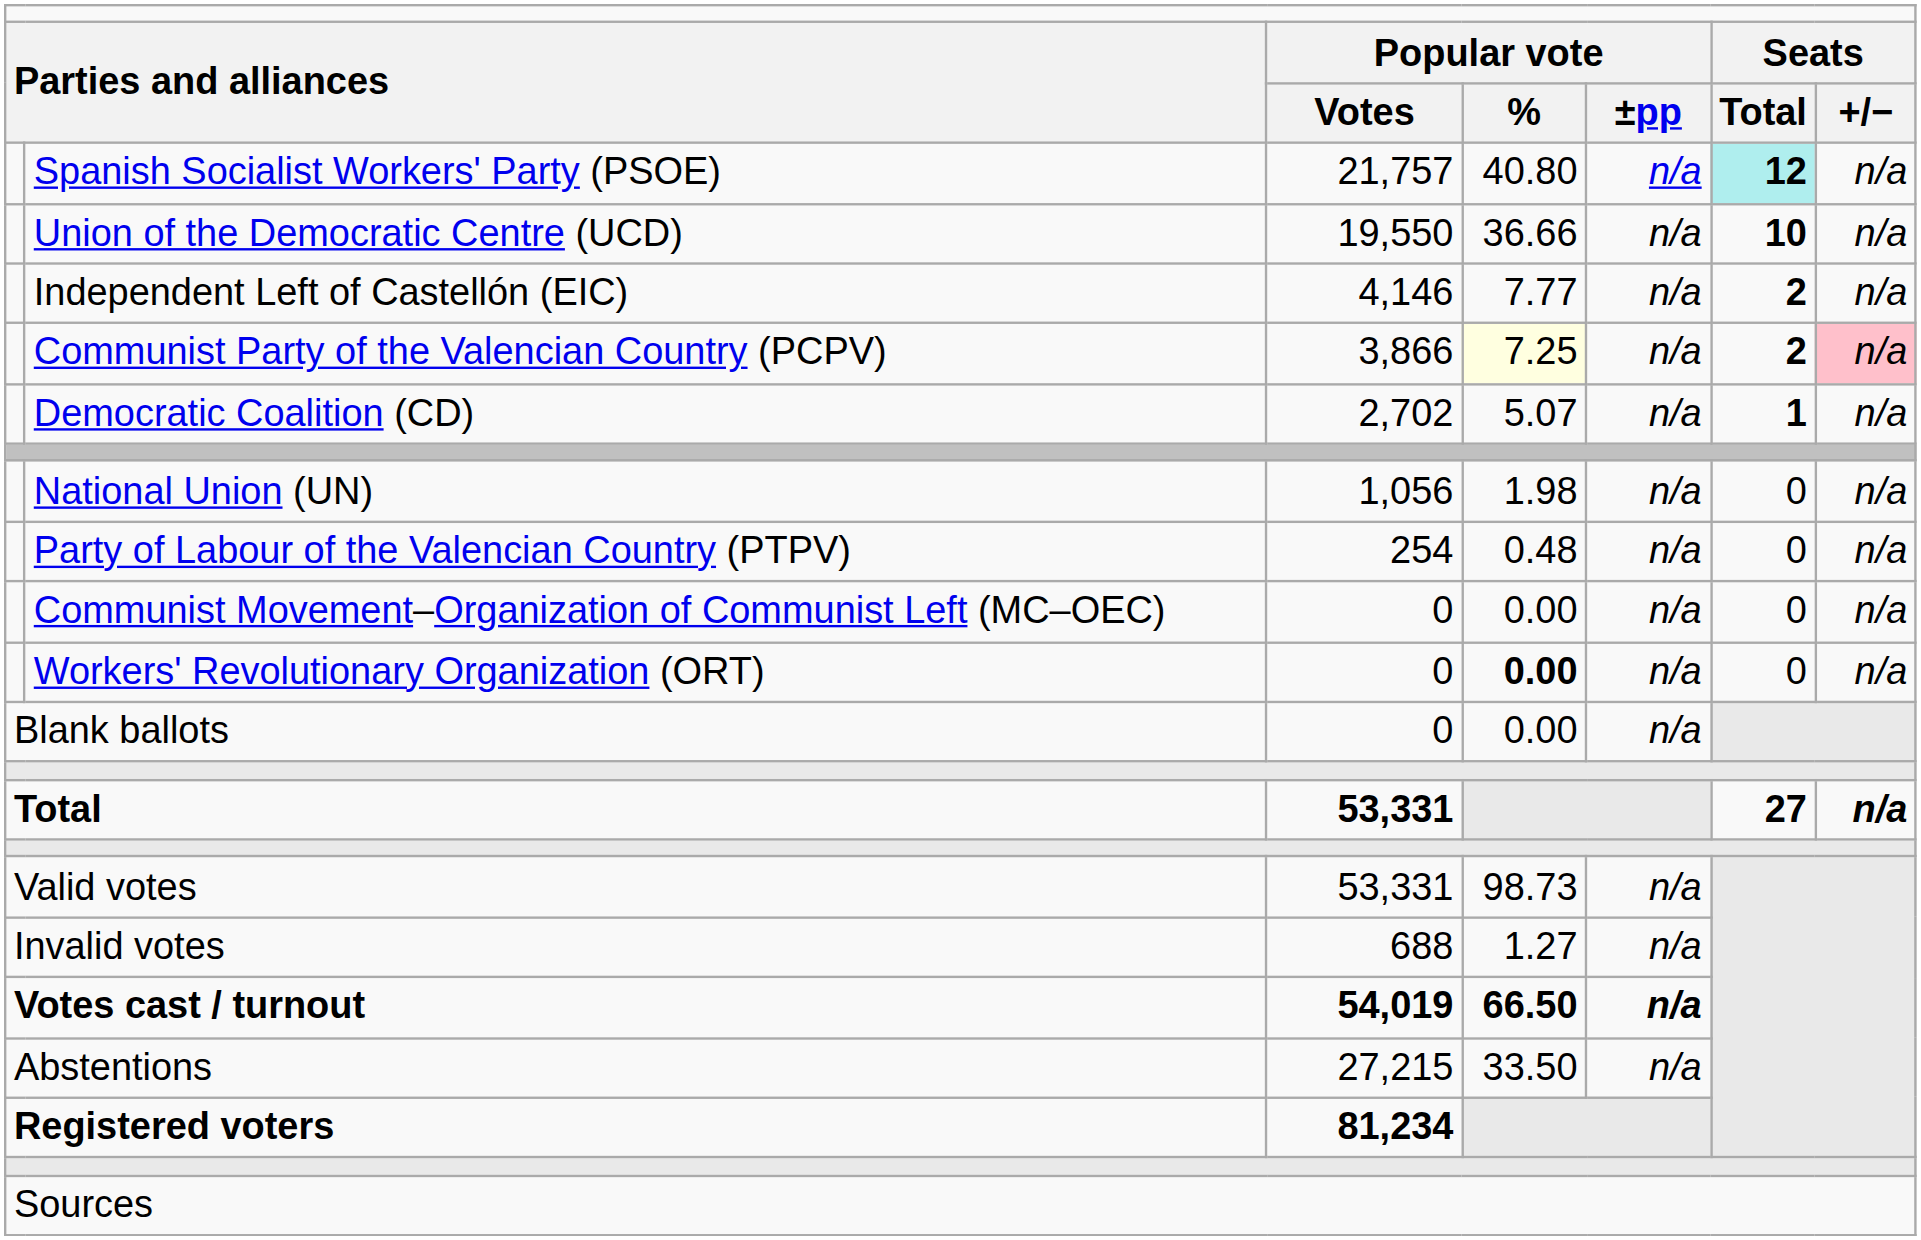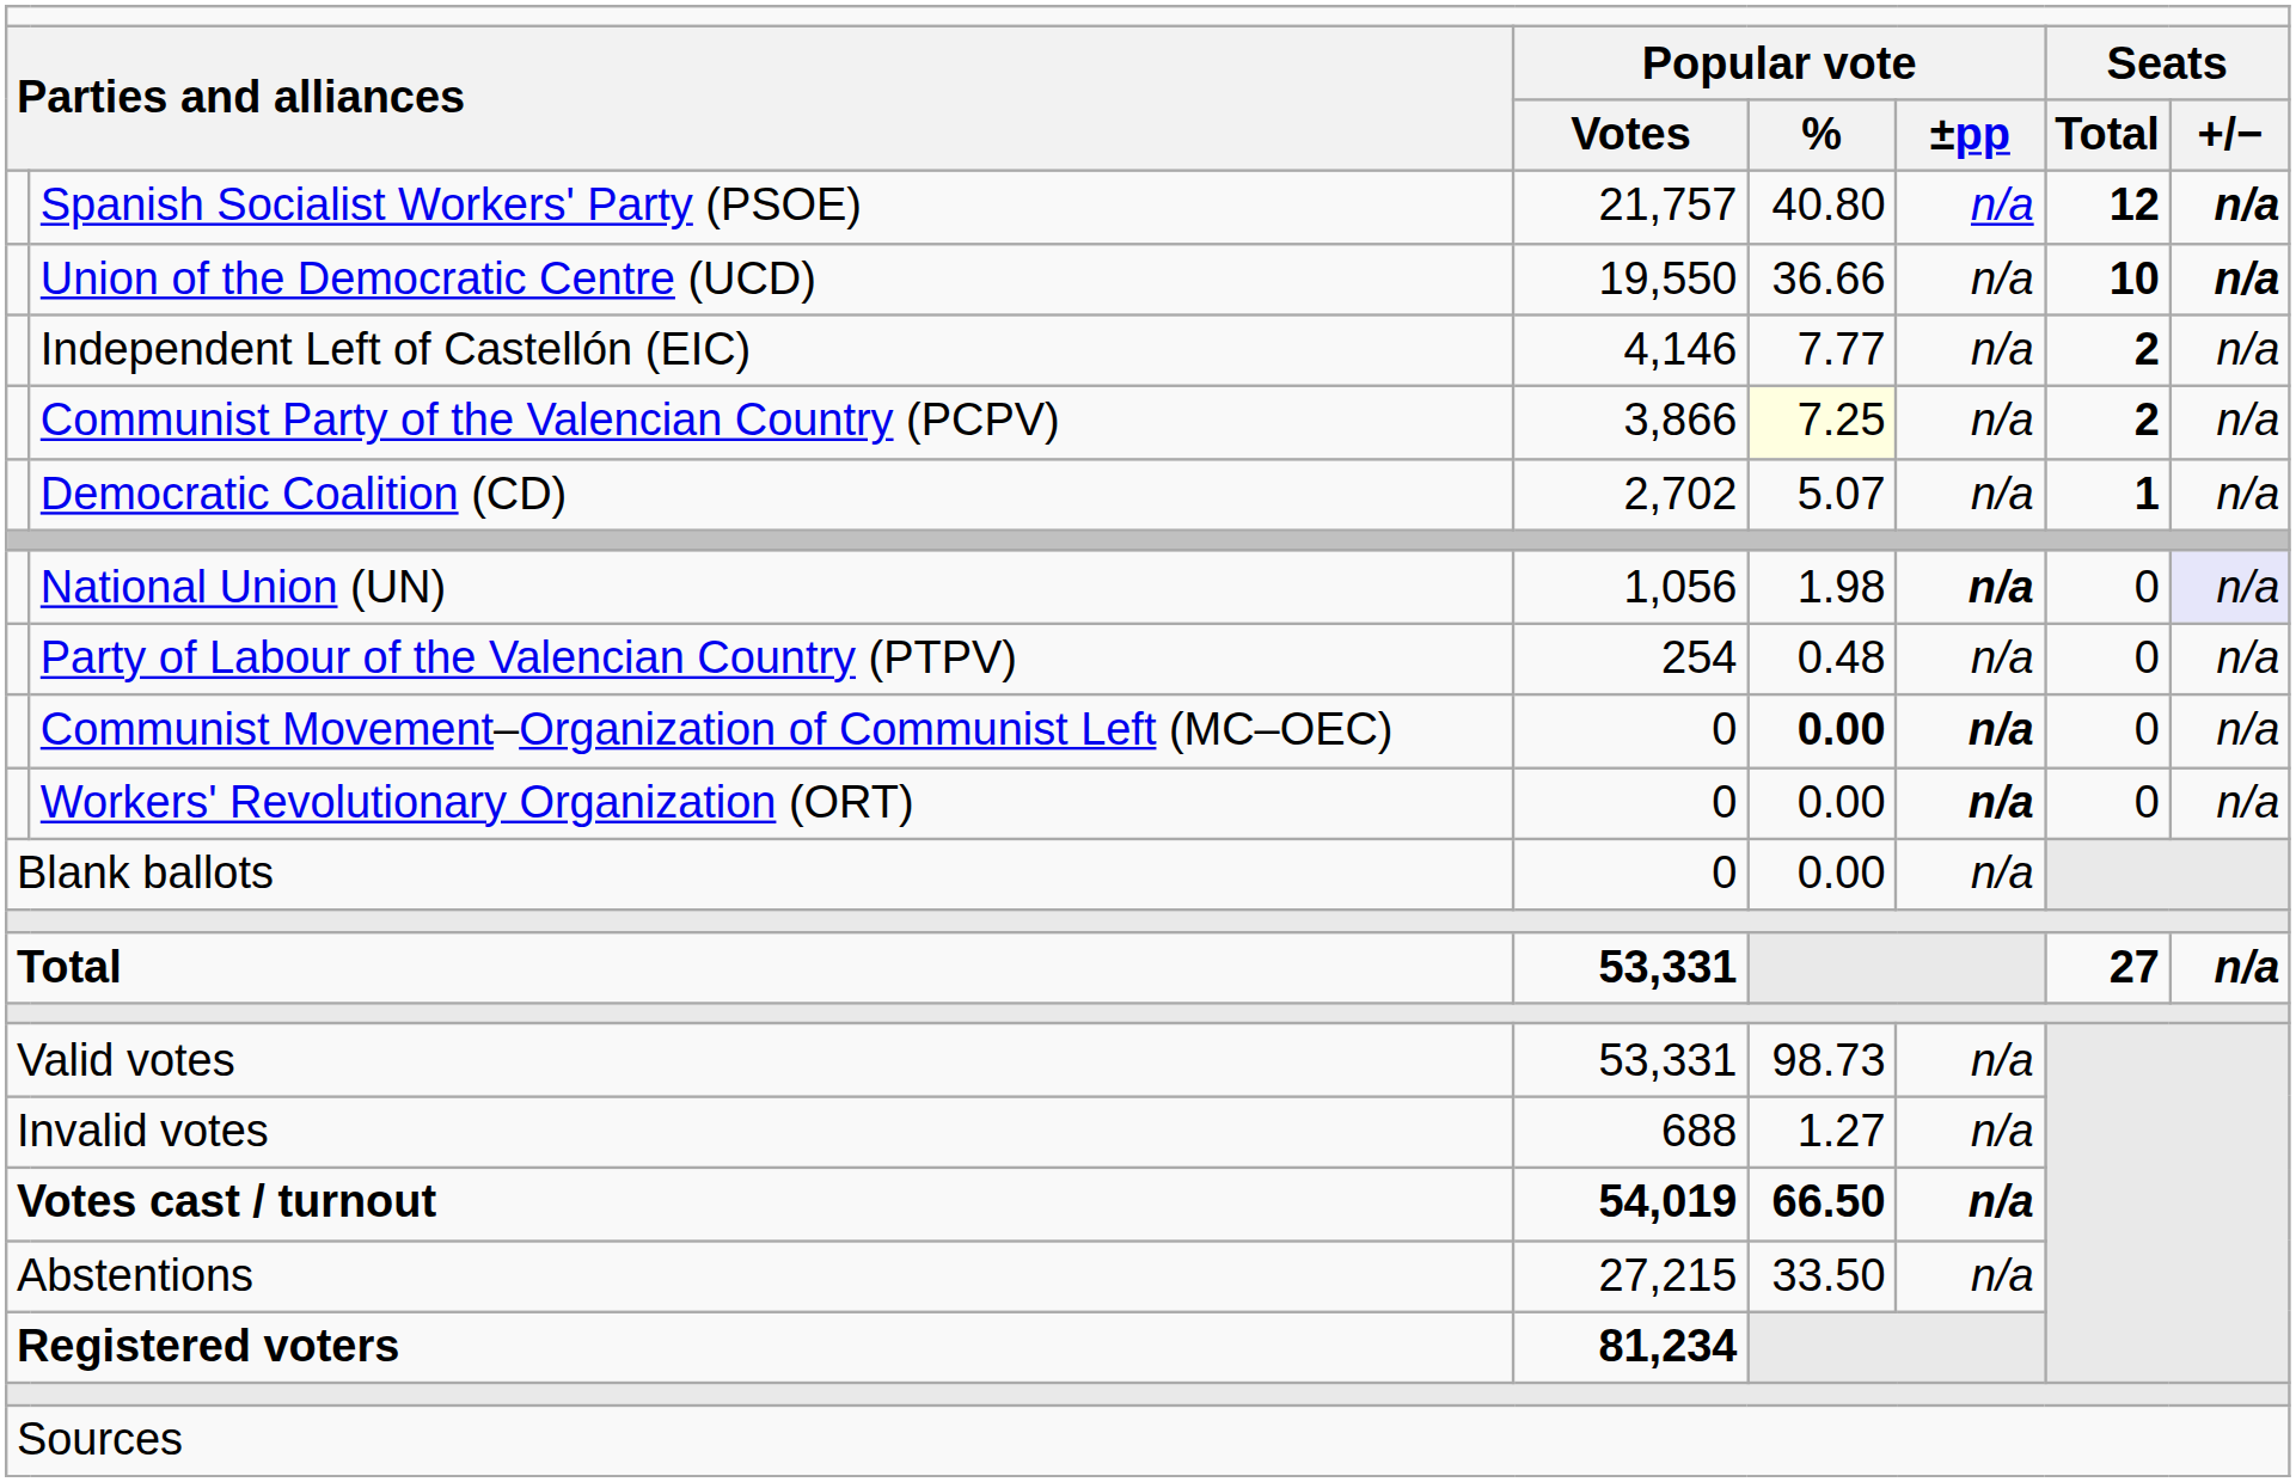 <table class="wikitable" style="text-align:right;">
 <tr>
 <td colspan="7"></td>
 </tr>
 <tr>
 <th style="text-align:left;" rowspan="2" colspan="2" width="525">Parties and alliances</th>
 <th colspan="3">Popular vote</th>
 <th colspan="2">Seats</th>
 </tr>
 <tr>
 <th width="75">Votes</th>
 <th width="45">%</th>
 <th width="45">±<a href='#'>pp</a></th>
 <th width="35">Total</th>
 <th width="35">+/−</th>
 </tr>
 <tr>
 <td width="1" style="color:inherit;background:"></td>
 <td align="left"><a href='#'>Spanish Socialist Workers' Party</a> (PSOE)</td>
 <td>21,757</td>
 <td>40.80</td>
 <td><em><a href='#'>n/a</a></em></td>
-<td style="background: paleturquoise;"><strong>12</strong></td>
-<td><em>n/a</em></td>
+<td><strong>12</strong></td>
+<td><strong><em>n/a</em></strong></td>
 </tr>
 <tr>
 <td style="color:inherit;background:"></td>
 <td align="left"><a href='#'>Union of the Democratic Centre</a> (UCD)</td>
 <td>19,550</td>
 <td>36.66</td>
 <td><em>n/a</em></td>
 <td><strong>10</strong></td>
-<td><em>n/a</em></td>
+<td><strong><em>n/a</em></strong></td>
 </tr>
 <tr>
 <td style="color:inherit;background:"></td>
 <td align="left">Independent Left of Castellón (EIC)</td>
 <td>4,146</td>
 <td>7.77</td>
 <td><em>n/a</em></td>
 <td><strong>2</strong></td>
 <td><em>n/a</em></td>
 </tr>
 <tr>
 <td style="color:inherit;background:"></td>
 <td align="left"><a href='#'>Communist Party of the Valencian Country</a> (PCPV)</td>
 <td>3,866</td>
 <td style="background: lightyellow;">7.25</td>
 <td><em>n/a</em></td>
 <td><strong>2</strong></td>
-<td style="background: pink;"><em>n/a</em></td>
+<td><em>n/a</em></td>
 </tr>
 <tr>
 <td style="color:inherit;background:"></td>
 <td align="left"><a href='#'>Democratic Coalition</a> (CD)</td>
 <td>2,702</td>
 <td>5.07</td>
 <td><em>n/a</em></td>
 <td><strong>1</strong></td>
 <td><em>n/a</em></td>
 </tr>
 <tr>
 <td colspan="7" bgcolor="#C0C0C0"></td>
 </tr>
 <tr>
 <td style="color:inherit;background:"></td>
 <td align="left"><a href='#'>National Union</a> (UN)</td>
 <td>1,056</td>
 <td>1.98</td>
-<td><em>n/a</em></td>
+<td><strong><em>n/a</em></strong></td>
 <td>0</td>
-<td><em>n/a</em></td>
+<td style="background: lavender;"><em>n/a</em></td>
 </tr>
 <tr>
 <td style="color:inherit;background:"></td>
 <td align="left"><a href='#'>Party of Labour of the Valencian Country</a> (PTPV)</td>
 <td>254</td>
 <td>0.48</td>
 <td><em>n/a</em></td>
 <td>0</td>
 <td><em>n/a</em></td>
 </tr>
 <tr>
 <td style="color:inherit;background:"></td>
 <td align="left"><a href='#'>Communist Movement</a>–<a href='#'>Organization of Communist Left</a> (MC–OEC)</td>
 <td>0</td>
-<td>0.00</td>
-<td><em>n/a</em></td>
+<td><strong>0.00</strong></td>
+<td><strong><em>n/a</em></strong></td>
 <td>0</td>
 <td><em>n/a</em></td>
 </tr>
 <tr>
 <td style="color:inherit;background:"></td>
 <td align="left"><a href='#'>Workers' Revolutionary Organization</a> (ORT)</td>
 <td>0</td>
-<td><strong>0.00</strong></td>
-<td><em>n/a</em></td>
+<td>0.00</td>
+<td><strong><em>n/a</em></strong></td>
 <td>0</td>
 <td><em>n/a</em></td>
 </tr>
 <tr>
 <td align="left" colspan="2">Blank ballots</td>
 <td>0</td>
 <td>0.00</td>
 <td><em>n/a</em></td>
 <td bgcolor="#E9E9E9" colspan="2"></td>
 </tr>
 <tr>
 <td colspan="7" bgcolor="#E9E9E9"></td>
 </tr>
 <tr style="font-weight:bold;">
 <td align="left" colspan="2">Total</td>
 <td>53,331</td>
 <td bgcolor="#E9E9E9" colspan="2"></td>
 <td>27</td>
 <td><em>n/a</em></td>
 </tr>
 <tr>
 <td colspan="7" bgcolor="#E9E9E9"></td>
 </tr>
 <tr>
 <td align="left" colspan="2">Valid votes</td>
 <td>53,331</td>
 <td>98.73</td>
 <td><em>n/a</em></td>
 <td bgcolor="#E9E9E9" colspan="2" rowspan="5"></td>
 </tr>
 <tr>
 <td align="left" colspan="2">Invalid votes</td>
 <td>688</td>
 <td>1.27</td>
 <td><em>n/a</em></td>
 </tr>
 <tr style="font-weight:bold;">
 <td align="left" colspan="2">Votes cast / turnout</td>
 <td>54,019</td>
 <td>66.50</td>
 <td><em>n/a</em></td>
 </tr>
 <tr>
 <td align="left" colspan="2">Abstentions</td>
 <td>27,215</td>
 <td>33.50</td>
 <td><em>n/a</em></td>
 </tr>
 <tr style="font-weight:bold;">
 <td align="left" colspan="2">Registered voters</td>
 <td>81,234</td>
 <td bgcolor="#E9E9E9" colspan="2"></td>
 </tr>
 <tr>
 <td colspan="7" bgcolor="#E9E9E9"></td>
 </tr>
 <tr>
 <td align="left" colspan="7">Sources</td>
 </tr>
 </table>
